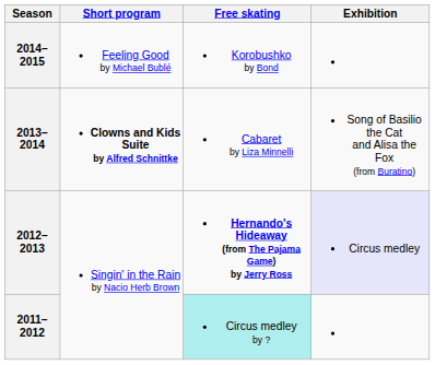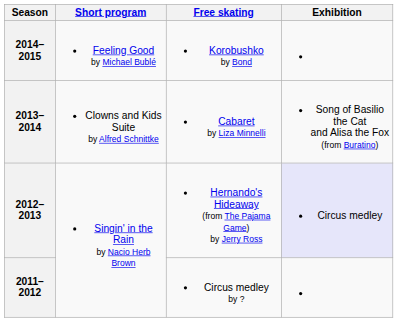 <table class="wikitable" style="text-align:center">
 <tr>
 <th>Season</th>
 <th><a href='#'>Short program</a></th>
 <th><a href='#'>Free skating</a></th>
 <th>Exhibition</th>
 </tr>
 <tr>
 <th>2014–2015 <br> </th>
 <td><br><ul><li><a href='#'>Feeling Good</a> <br><small> by <a href='#'>Michael Bublé</a> </small></li></ul></td>
 <td><br><ul><li><a href='#'>Korobushko</a> <br><small> by <a href='#'>Bond</a> </small></li></ul></td>
 <td><br><ul><li></li></ul></td>
 </tr>
 <tr>
 <th>2013–2014 <br> </th>
-<td><strong><br><ul><li>Clowns and Kids Suite <br><small> by <a href='#'>Alfred Schnittke</a> </small></li></ul></strong></td>
+<td><br><ul><li>Clowns and Kids Suite <br><small> by <a href='#'>Alfred Schnittke</a> </small></li></ul></td>
 <td><br><ul><li><a href='#'>Cabaret</a> <br><small> by <a href='#'>Liza Minnelli</a> </small></li></ul></td>
 <td><br><ul><li>Song of Basilio the Cat<br> and Alisa the Fox <br><small> (from <a href='#'>Buratino</a>) </small></li></ul></td>
 </tr>
 <tr>
 <th>2012–2013 <br> </th>
 <td rowspan=2><br><ul><li><a href='#'>Singin' in the Rain</a> <br><small> by <a href='#'>Nacio Herb Brown</a> </small></li></ul></td>
-<td><strong><br><ul><li><a href='#'>Hernando's Hideaway</a> <br><small> (from <a href='#'>The Pajama Game</a>) <br> by <a href='#'>Jerry Ross</a> </small></li></ul></strong></td>
+<td><br><ul><li><a href='#'>Hernando's Hideaway</a> <br><small> (from <a href='#'>The Pajama Game</a>) <br> by <a href='#'>Jerry Ross</a> </small></li></ul></td>
 <td style="background: lavender;"><br><ul><li>Circus medley</li></ul></td>
 </tr>
 <tr>
 <th>2011–2012</th>
-<td style="background: paleturquoise;"><br><ul><li>Circus medley <br><small> by ? </small></li></ul></td>
+<td><br><ul><li>Circus medley <br><small> by ? </small></li></ul></td>
 <td><br><ul><li></li></ul></td>
 </tr>
 </table>
